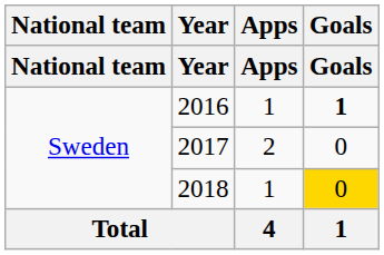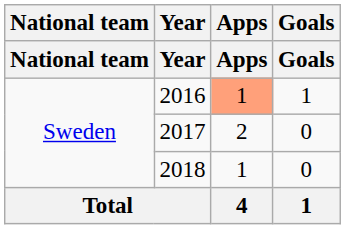 <table class="wikitable" style="text-align:center">
 <tr>
 <th>National team</th>
 <th>Year</th>
 <th>Apps</th>
 <th>Goals</th>
 </tr>
 <tr>
 <th>National team</th>
 <th>Year</th>
 <th>Apps</th>
 <th>Goals</th>
 </tr>
 <tr>
 <td rowspan="3"><a href='#'>Sweden</a></td>
 <td>2016</td>
+<td style="background: lightsalmon;">1</td>
 <td>1</td>
-<td><strong>1</strong></td>
 </tr>
 <tr>
 <td>2017</td>
 <td>2</td>
 <td>0</td>
 </tr>
 <tr>
 <td>2018</td>
 <td>1</td>
-<td style="background: gold;">0</td>
+<td>0</td>
 </tr>
 <tr>
 <th colspan="2">Total</th>
 <th>4</th>
 <th>1</th>
 </tr>
 </table>
